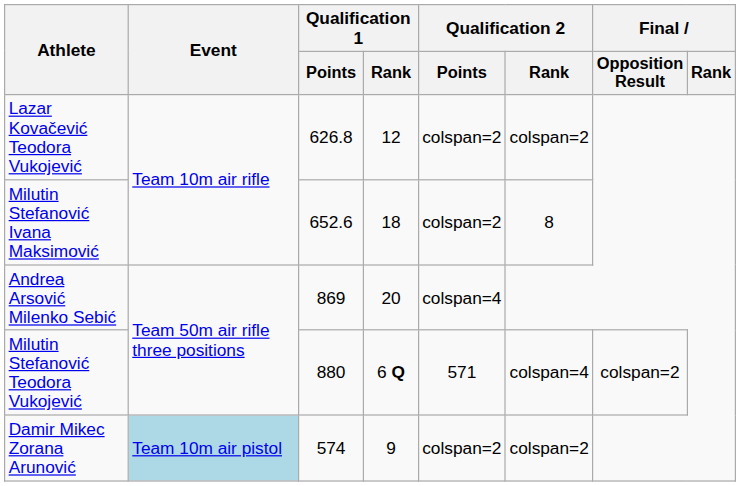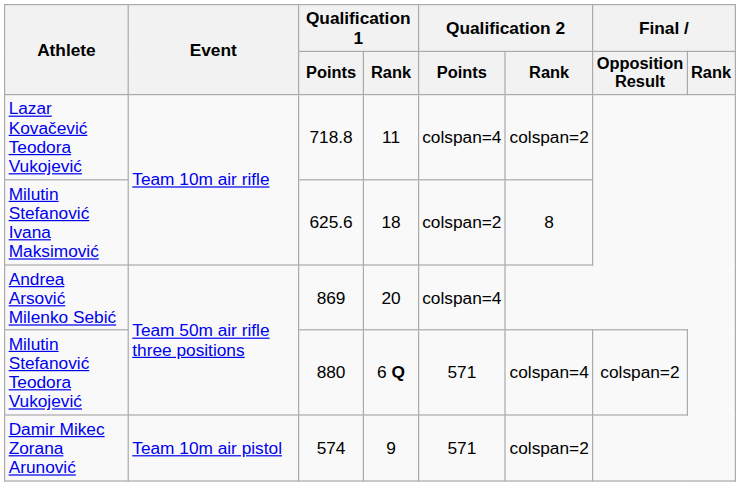 <table class="wikitable" style="text-align:center; font-size:90%">
 <tr>
 <th rowspan=2>Athlete</th>
 <th rowspan=2>Event</th>
 <th colspan=2>Qualification 1</th>
 <th colspan=2>Qualification 2</th>
 <th colspan=2>Final / </th>
 </tr>
 <tr style="font-size:95%">
 <th>Points</th>
 <th>Rank</th>
 <th>Points</th>
 <th>Rank</th>
 <th>Opposition<br>Result</th>
 <th>Rank</th>
 </tr>
 <tr align=center>
 <td align=left><a href='#'>Lazar Kovačević</a><br><a href='#'>Teodora Vukojević</a></td>
 <td align=left rowspan=2><a href='#'>Team 10m air rifle</a></td>
-<td>626.8</td>
-<td>12</td>
-<td>colspan=2 </td>
+<td>718.8</td>
+<td>11</td>
+<td>colspan=4 </td>
 <td>colspan=2 </td>
 </tr>
 <tr align=center>
 <td align=left><a href='#'>Milutin Stefanović</a><br><a href='#'>Ivana Maksimović</a></td>
-<td>652.6</td>
+<td>625.6</td>
 <td>18</td>
 <td>colspan=2 </td>
 <td>8</td>
 </tr>
 <tr align=center>
 <td align=left><a href='#'>Andrea Arsović</a><br><a href='#'>Milenko Sebić</a></td>
 <td align=left rowspan=2><a href='#'>Team 50m air rifle three positions</a></td>
 <td>869</td>
 <td>20</td>
 <td>colspan=4 </td>
 </tr>
 <tr align=center>
 <td align=left><a href='#'>Milutin Stefanović</a><br><a href='#'>Teodora Vukojević</a></td>
 <td>880</td>
 <td>6 <strong>Q</strong></td>
 <td>571</td>
 <td>colspan=4 </td>
 <td>colspan=2 </td>
 </tr>
 <tr align=center>
 <td align=left><a href='#'>Damir Mikec</a><br><a href='#'>Zorana Arunović</a></td>
-<td align=left style="background: lightblue;"><a href='#'>Team 10m air pistol</a></td>
+<td align=left><a href='#'>Team 10m air pistol</a></td>
 <td>574</td>
 <td>9</td>
-<td>colspan=2 </td>
+<td>571</td>
 <td>colspan=2 </td>
 </tr>
 </table>
